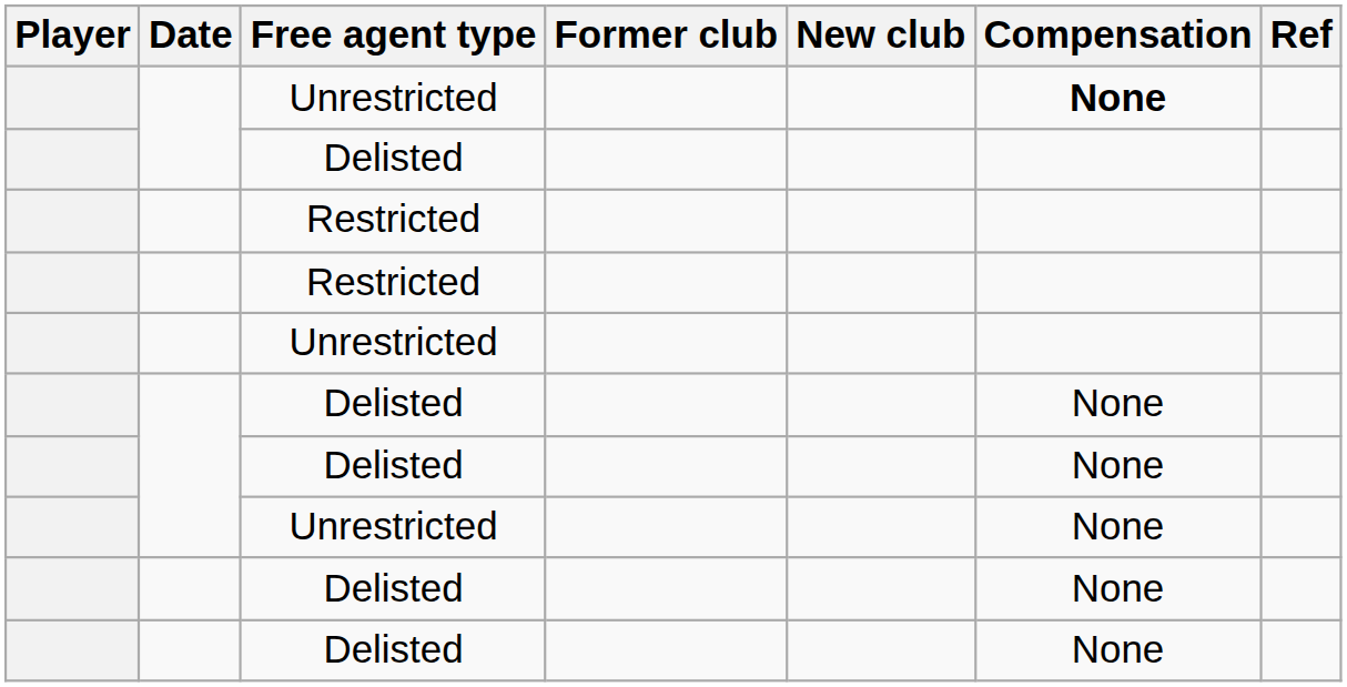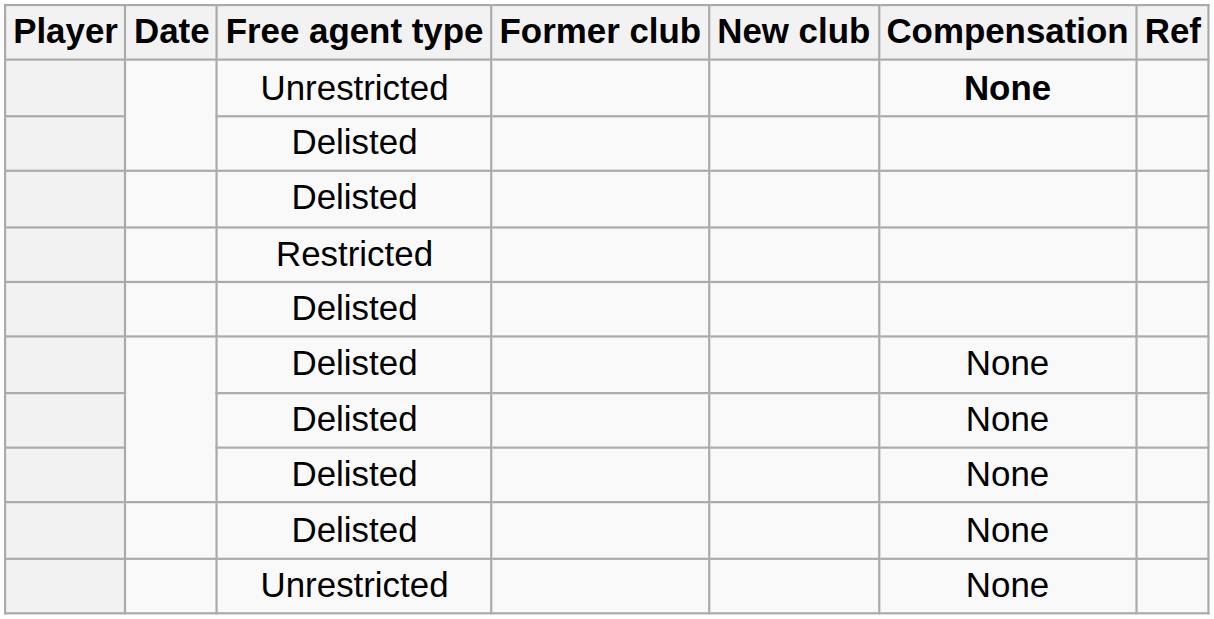 <table class="wikitable plainrowheaders sortable" style="text-align:center">
 <tr>
 <th scope="col">Player</th>
 <th scope="col">Date</th>
 <th scope="col">Free agent type</th>
 <th scope="col">Former club</th>
 <th scope="col">New club</th>
 <th scope="col">Compensation</th>
 <th scope="col" class="unsortable">Ref</th>
 </tr>
 <tr>
 <th scope="row"></th>
 <td rowspan=2></td>
 <td>Unrestricted</td>
 <td></td>
 <td></td>
 <td><strong>None </strong></td>
 <td></td>
 </tr>
 <tr>
 <th scope="row"></th>
 <td>Delisted</td>
 <td></td>
 <td></td>
 <td></td>
 <td></td>
 </tr>
 <tr>
 <th scope="row"></th>
 <td></td>
-<td>Restricted</td>
+<td>Delisted</td>
 <td></td>
 <td></td>
 <td></td>
 <td></td>
 </tr>
 <tr>
 <th scope="row"></th>
 <td></td>
 <td>Restricted</td>
 <td></td>
 <td></td>
 <td></td>
 <td></td>
 </tr>
 <tr>
 <th scope="row"></th>
 <td></td>
-<td>Unrestricted</td>
+<td>Delisted</td>
 <td></td>
 <td></td>
 <td></td>
 <td></td>
 </tr>
 <tr>
 <th scope="row"></th>
 <td rowspan=3></td>
 <td>Delisted</td>
 <td></td>
 <td></td>
 <td>None</td>
 <td></td>
 </tr>
 <tr>
 <th scope="row"></th>
 <td>Delisted</td>
 <td></td>
 <td></td>
 <td>None</td>
 <td></td>
 </tr>
 <tr>
 <th scope="row"></th>
-<td>Unrestricted</td>
+<td>Delisted</td>
 <td></td>
 <td></td>
 <td>None</td>
 <td></td>
 </tr>
 <tr>
 <th scope="row"></th>
 <td></td>
 <td>Delisted</td>
 <td></td>
 <td></td>
 <td>None</td>
 <td></td>
 </tr>
 <tr>
 <th scope="row"></th>
 <td></td>
-<td>Delisted</td>
+<td>Unrestricted</td>
 <td></td>
 <td></td>
 <td>None</td>
 <td></td>
 </tr>
 </table>
